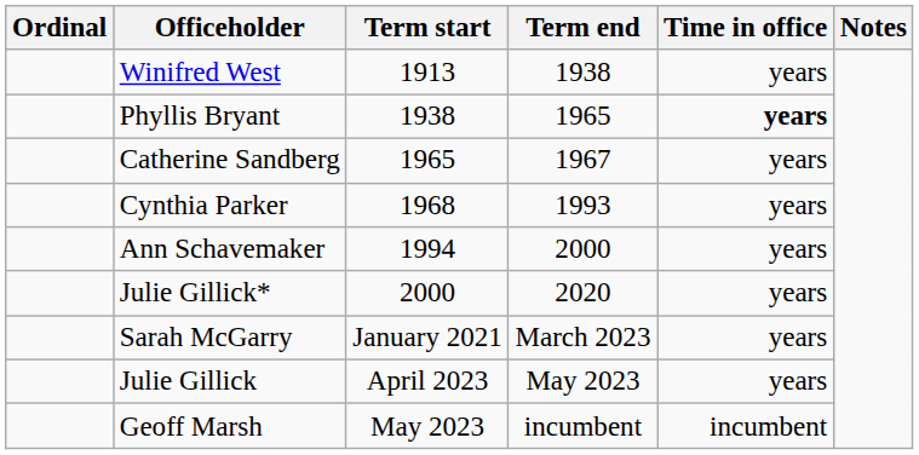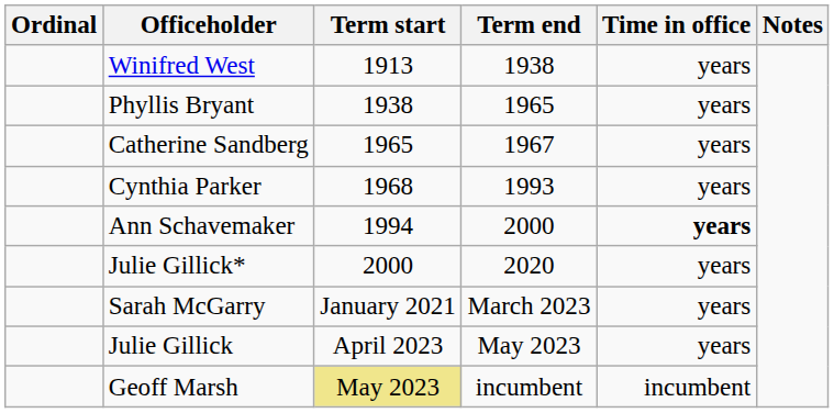 <table class="wikitable sortable">
 <tr>
 <th>Ordinal</th>
 <th>Officeholder</th>
 <th>Term start</th>
 <th>Term end</th>
 <th>Time in office</th>
 <th>Notes</th>
 </tr>
 <tr>
 <td align=center></td>
 <td><a href='#'>Winifred West</a></td>
 <td align=center>1913</td>
 <td align=center>1938</td>
 <td align=right> years</td>
 <td rowspan=9></td>
 </tr>
 <tr>
 <td align=center></td>
 <td>Phyllis Bryant</td>
 <td align=center>1938</td>
 <td align=center>1965</td>
-<td align=right><strong> years</strong></td>
+<td align=right> years</td>
 </tr>
 <tr>
 <td align=center></td>
 <td>Catherine Sandberg</td>
 <td align=center>1965</td>
 <td align=center>1967</td>
 <td align=right> years</td>
 </tr>
 <tr>
 <td align=center></td>
 <td>Cynthia Parker</td>
 <td align=center>1968</td>
 <td align=center>1993</td>
 <td align=right> years</td>
 </tr>
 <tr>
 <td align=center></td>
 <td>Ann Schavemaker</td>
 <td align=center>1994</td>
 <td align=center>2000</td>
-<td align=right> years</td>
+<td align=right><strong> years</strong></td>
 </tr>
 <tr>
 <td align=center></td>
 <td>Julie Gillick*</td>
 <td align="center">2000</td>
 <td align=center>2020</td>
 <td align=right> years</td>
 </tr>
 <tr>
 <td align=center></td>
 <td>Sarah McGarry</td>
 <td align=center>January 2021</td>
 <td align=center>March 2023</td>
 <td align="right"> years</td>
 </tr>
 <tr>
 <td align=center></td>
 <td>Julie Gillick</td>
 <td align=center>April 2023</td>
 <td align=center>May 2023</td>
 <td align=right> years</td>
 </tr>
 <tr>
 <td align=center></td>
 <td>Geoff Marsh</td>
-<td align=center>May 2023</td>
+<td align=center style="background: khaki;">May 2023</td>
 <td align=center>incumbent</td>
 <td align=right>incumbent</td>
 </tr>
 </table>
